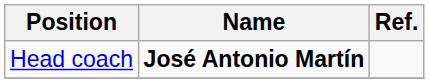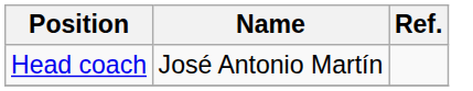 <table class="wikitable">
 <tr>
 <th>Position</th>
 <th>Name</th>
 <th>Ref.</th>
 </tr>
 <tr>
 <td><a href='#'>Head coach</a></td>
-<td><strong> José Antonio Martín</strong></td>
+<td> José Antonio Martín</td>
 <td></td>
 </tr>
 <tr>
 </tr>
 </table>
